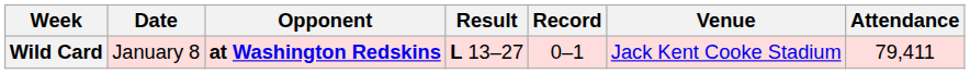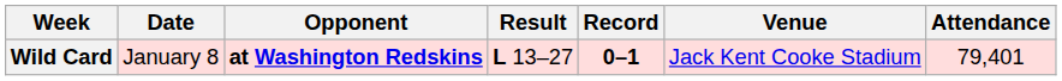 <table class="wikitable" style="text-align:center">
 <tr>
 <th>Week</th>
 <th>Date</th>
 <th>Opponent</th>
 <th>Result</th>
 <th>Record</th>
 <th>Venue</th>
 <th>Attendance</th>
 </tr>
 <tr style="background:#ffdddd">
 <th>Wild Card</th>
 <td>January 8</td>
 <td><strong>at <a href='#'>Washington Redskins</a></strong></td>
 <td><strong>L</strong> 13–27</td>
-<td>0–1</td>
+<td><strong>0–1</strong></td>
 <td><a href='#'>Jack Kent Cooke Stadium</a></td>
-<td>79,411</td>
+<td>79,401</td>
 </tr>
 </table>
